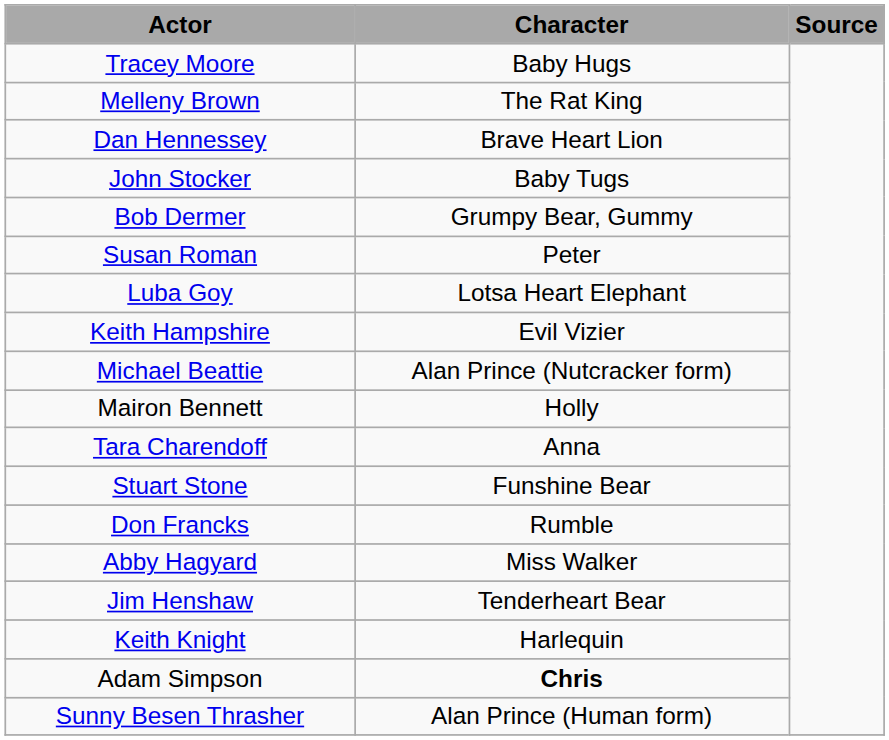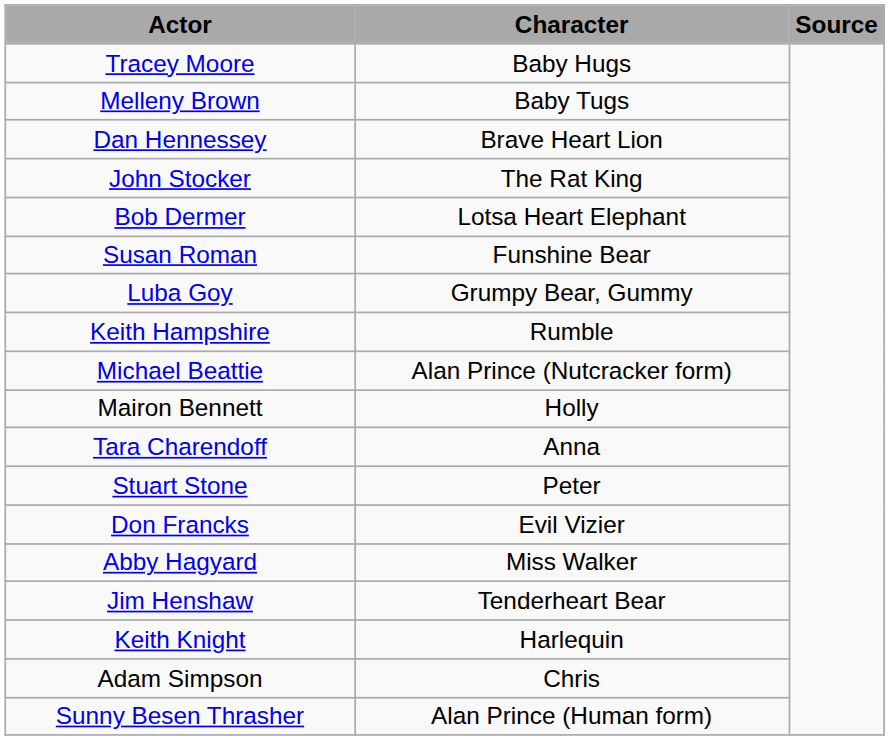 <table class="wikitable" style="font-size:90%; text-align:center; margin: 5px;">
 <tr>
 <th style="background:darkGrey; width:200px">Actor</th>
 <th style="background:darkGrey; width:250px;">Character</th>
 <th style="background:darkGrey; width:50px">Source</th>
 </tr>
 <tr>
 <td><a href='#'>Tracey Moore</a></td>
 <td>Baby Hugs</td>
 <td rowspan="19"></td>
 </tr>
 <tr>
 <td><a href='#'>Melleny Brown</a></td>
-<td>The Rat King</td>
+<td>Baby Tugs</td>
 </tr>
 <tr>
 <td><a href='#'>Dan Hennessey</a></td>
 <td>Brave Heart Lion</td>
 </tr>
 <tr>
 <td><a href='#'>John Stocker</a></td>
-<td>Baby Tugs</td>
+<td>The Rat King</td>
 </tr>
 <tr>
 <td><a href='#'>Bob Dermer</a></td>
+<td>Lotsa Heart Elephant</td>
+</tr>
+<tr>
+<td><a href='#'>Susan Roman</a></td>
+<td>Funshine Bear</td>
+</tr>
+<tr>
+<td><a href='#'>Luba Goy</a></td>
 <td>Grumpy Bear, Gummy</td>
 </tr>
 <tr>
-<td><a href='#'>Susan Roman</a></td>
-<td>Peter</td>
-</tr>
-<tr>
-<td><a href='#'>Luba Goy</a></td>
-<td>Lotsa Heart Elephant</td>
-</tr>
-<tr>
 <td><a href='#'>Keith Hampshire</a></td>
-<td>Evil Vizier</td>
+<td>Rumble</td>
 </tr>
 <tr>
 <td><a href='#'>Michael Beattie</a></td>
 <td>Alan Prince (Nutcracker form)</td>
 </tr>
 <tr>
 <td>Mairon Bennett</td>
 <td>Holly</td>
 </tr>
 <tr>
 <td><a href='#'>Tara Charendoff</a></td>
 <td>Anna</td>
 </tr>
 <tr>
 <td><a href='#'>Stuart Stone</a></td>
-<td>Funshine Bear</td>
+<td>Peter</td>
 </tr>
 <tr>
 <td><a href='#'>Don Francks</a></td>
-<td>Rumble</td>
+<td>Evil Vizier</td>
 </tr>
 <tr>
 <td><a href='#'>Abby Hagyard</a></td>
 <td>Miss Walker</td>
 </tr>
 <tr>
 <td><a href='#'>Jim Henshaw</a></td>
 <td>Tenderheart Bear</td>
 </tr>
 <tr>
 <td><a href='#'>Keith Knight</a></td>
 <td>Harlequin</td>
 </tr>
 <tr>
 <td>Adam Simpson</td>
-<td><strong>Chris</strong></td>
+<td>Chris</td>
 </tr>
 <tr>
 <td><a href='#'>Sunny Besen Thrasher</a></td>
 <td>Alan Prince (Human form)</td>
 </tr>
 </table>
